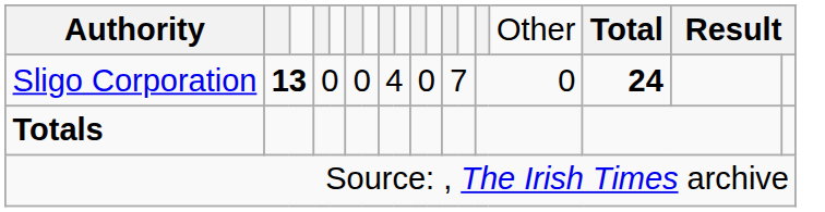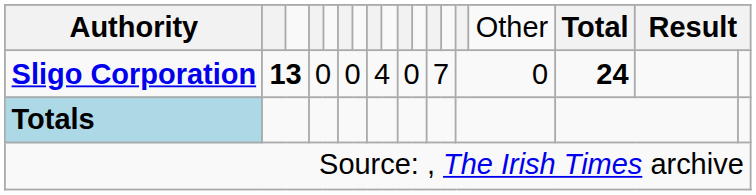 <table class="wikitable" style="text-align:right; padding-left:1em">
 <tr>
 <th align="left">Authority</th>
 <th style="background-color: "></th>
 <td><a href='#'></a></td>
 <th style="background-color: "></th>
 <td><a href='#'></a></td>
 <th style="background-color: "></th>
 <td><a href='#'></a></td>
 <th style="background-color: "></th>
 <td><a href='#'></a></td>
 <th style="background-color: "></th>
 <td><a href='#'></a></td>
 <th style="background-color: "></th>
 <td><a href='#'></a></td>
 <th style="background-color: "></th>
 <td>Other</td>
 <th align="left">Total</th>
 <th colspan=2>Result</th>
 </tr>
 <tr>
-<td align=left><a href='#'>Sligo Corporation</a></td>
+<td align=left><strong><a href='#'>Sligo Corporation</a></strong></td>
 <td colspan=2><strong>13</strong></td>
 <td colspan=2>0</td>
 <td colspan=2>0</td>
 <td colspan=2>4</td>
 <td colspan=2>0</td>
 <td colspan=2>7</td>
 <td colspan=2>0</td>
 <td><strong>24</strong></td>
 <td></td>
 </tr>
 <tr>
-<td align=left><strong>Totals</strong></td>
+<td align=left style="background: lightblue;"><strong>Totals</strong></td>
 <td colspan=2></td>
 <td colspan=2></td>
 <td colspan=2></td>
 <td colspan=2></td>
 <td colspan=2></td>
 <td colspan=2></td>
 <td colspan=2></td>
 <td colspan=2></td>
 <td colspan=2></td>
 </tr>
 <tr>
 <td colspan=18>Source: , <em><a href='#'>The Irish Times</a></em> archive</td>
 </tr>
 </table>
